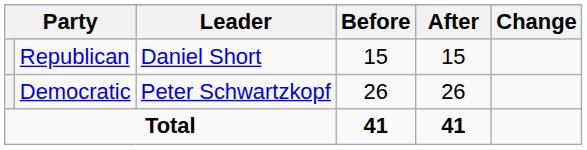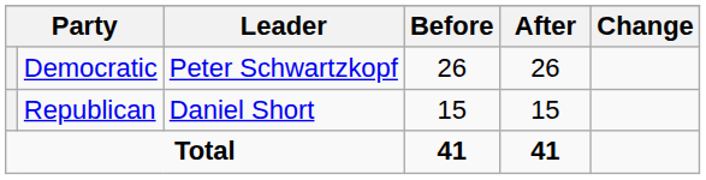 <table class="wikitable" style="text-align:center;">
 <tr>
 </tr>
 <tr>
 <th colspan=2>Party</th>
 <th>Leader</th>
 <th style="width:3em">Before</th>
 <th style="width:3em">After</th>
 <th style="width:3em">Change</th>
 </tr>
 <tr>
 <th style="background-color:"></th>
+<td style="text-align:left;"><a href='#'>Democratic</a></td>
+<td style="text-align:left;"><a href='#'>Peter Schwartzkopf</a></td>
+<td>26</td>
+<td>26</td>
+<td></td>
+</tr>
+<tr>
+<th style="background-color:"></th>
 <td style="text-align:left;"><a href='#'>Republican</a></td>
 <td style="text-align:left;"><a href='#'>Daniel Short</a></td>
 <td>15</td>
 <td>15</td>
-<td></td>
-</tr>
-<tr>
-<th style="background-color:"></th>
-<td style="text-align:left;"><a href='#'>Democratic</a></td>
-<td style="text-align:left;"><a href='#'>Peter Schwartzkopf</a></td>
-<td>26</td>
-<td>26</td>
 <td></td>
 </tr>
 <tr>
 <td colspan=3><strong>Total</strong></td>
 <td><strong>41</strong></td>
 <td><strong>41</strong></td>
 <td></td>
 </tr>
 </table>
